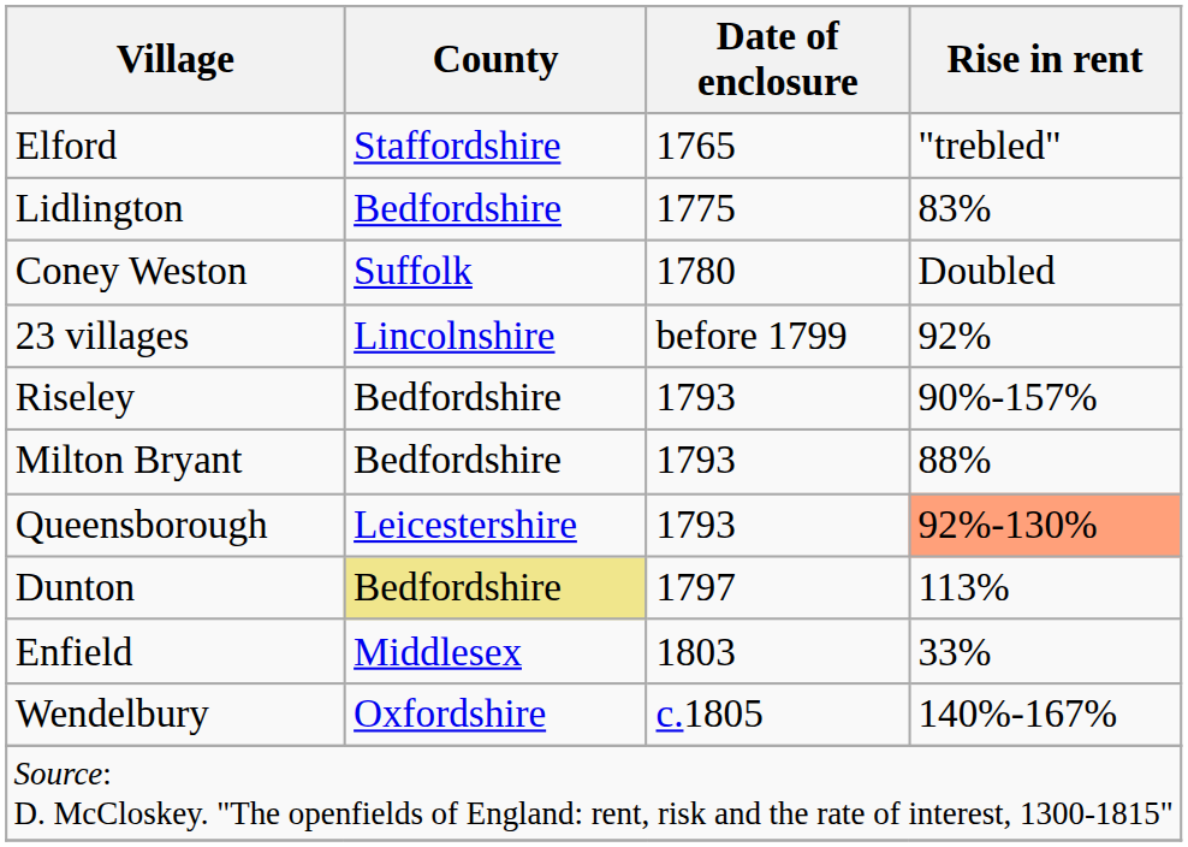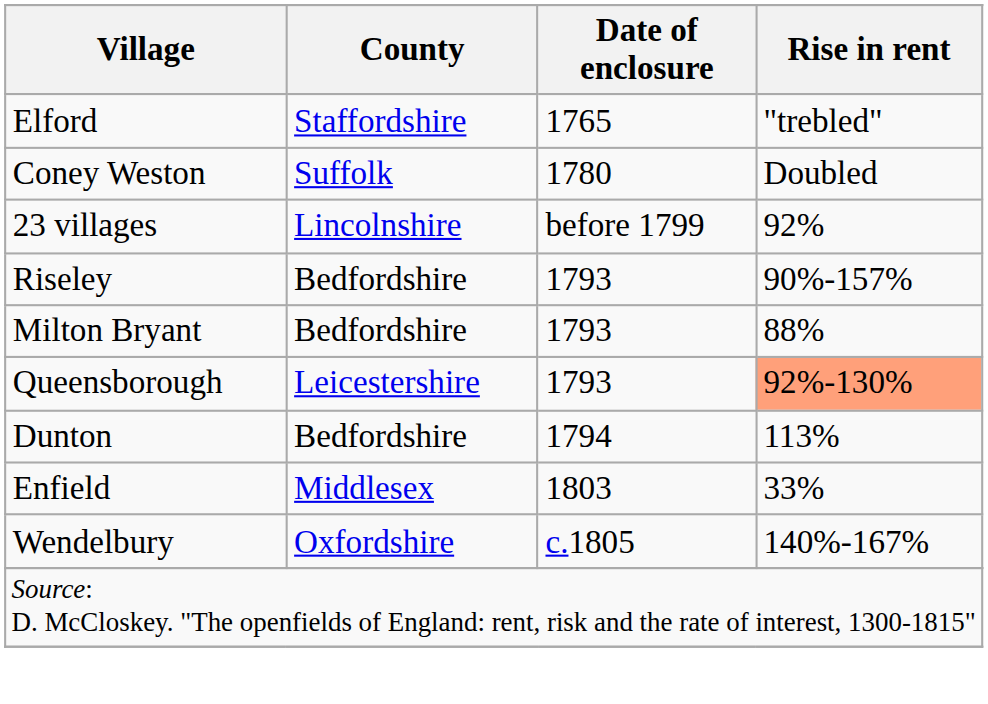 <table class="wikitable" align="center" cellpadding="1" cellspacing="1" align="left" style="margin:0 0 1em 1em">
 <tr>
 </tr>
 <tr>
 <th colspan=1 align="left">Village</th>
 <th colspan=1 align="left">County</th>
 <th colspan=1 align="left">Date of<br>enclosure</th>
 <th colspan=1 align="left">Rise in rent</th>
 </tr>
 <tr>
 <td>Elford</td>
 <td><a href='#'>Staffordshire</a></td>
 <td>1765</td>
 <td>"trebled"</td>
-</tr>
-<tr>
-<td>Lidlington</td>
-<td><a href='#'>Bedfordshire</a></td>
-<td>1775</td>
-<td>83%</td>
 </tr>
 <tr>
 <td>Coney Weston</td>
 <td><a href='#'>Suffolk</a></td>
 <td>1780</td>
 <td>Doubled</td>
 </tr>
 <tr>
 <td>23 villages</td>
 <td><a href='#'>Lincolnshire</a></td>
 <td>before 1799</td>
 <td>92%</td>
 </tr>
 <tr>
 <td>Riseley</td>
 <td>Bedfordshire</td>
 <td>1793</td>
 <td>90%-157%</td>
 </tr>
 <tr>
 <td>Milton Bryant</td>
 <td>Bedfordshire</td>
 <td>1793</td>
 <td>88%</td>
 </tr>
 <tr>
 <td>Queensborough</td>
 <td><a href='#'>Leicestershire</a></td>
 <td>1793</td>
 <td style="background: lightsalmon;">92%-130%</td>
 </tr>
 <tr>
 <td>Dunton</td>
-<td style="background: khaki;">Bedfordshire</td>
-<td>1797</td>
+<td>Bedfordshire</td>
+<td>1794</td>
 <td>113%</td>
 </tr>
 <tr>
 <td>Enfield</td>
 <td><a href='#'>Middlesex</a></td>
 <td>1803</td>
 <td>33%</td>
 </tr>
 <tr>
 <td>Wendelbury</td>
 <td><a href='#'>Oxfordshire</a></td>
 <td><a href='#'>c.</a>1805</td>
 <td>140%-167%</td>
 </tr>
 <tr>
 </tr>
 <tr>
 </tr>
 <tr>
 <td colspan="4" style="font-size: small"><em>Source</em>:<br>D. McCloskey. "The openfields of England: rent, risk and the rate of interest, 1300-1815"<br> </td>
 </tr>
 <tr>
 </tr>
 </table>
